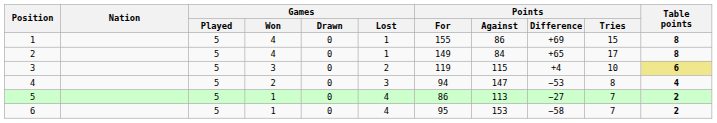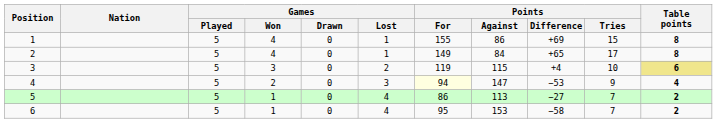 <table class="wikitable" style="text-align: center;">
 <tr>
 <th rowspan="2" style="width:8%;">Position</th>
 <th rowspan="2" style="width:18%;">Nation</th>
 <th colspan="4" style="width:32%;">Games</th>
 <th colspan="4" style="width:32%;">Points</th>
 <th rowspan="2" style="width:10%;">Table<br>points</th>
 </tr>
 <tr>
 <th style="width:8%;">Played</th>
 <th style="width:8%;">Won</th>
 <th style="width:8%;">Drawn</th>
 <th style="width:8%;">Lost</th>
 <th style="width:8%;">For</th>
 <th style="width:8%;">Against</th>
 <th style="width:8%;">Difference</th>
 <th style="width:8%;">Tries</th>
 </tr>
 <tr>
 <td>1</td>
 <td align=left></td>
 <td>5</td>
 <td>4</td>
 <td>0</td>
 <td>1</td>
 <td>155</td>
 <td>86</td>
 <td>+69</td>
 <td>15</td>
 <td><strong>8</strong></td>
 </tr>
 <tr>
 <td>2</td>
 <td align=left></td>
 <td>5</td>
 <td>4</td>
 <td>0</td>
 <td>1</td>
 <td>149</td>
 <td>84</td>
 <td>+65</td>
 <td>17</td>
 <td><strong>8</strong></td>
 </tr>
 <tr>
 <td>3</td>
 <td align=left></td>
 <td>5</td>
 <td>3</td>
 <td>0</td>
 <td>2</td>
 <td>119</td>
 <td>115</td>
 <td>+4</td>
 <td>10</td>
 <td style="background: khaki;"><strong>6</strong></td>
 </tr>
 <tr>
 <td>4</td>
 <td align=left></td>
 <td>5</td>
 <td>2</td>
 <td>0</td>
 <td>3</td>
-<td>94</td>
+<td style="background: lightyellow;">94</td>
 <td>147</td>
 <td>−53</td>
-<td>8</td>
+<td>9</td>
 <td><strong>4</strong></td>
 </tr>
 <tr style="background:#cfc;">
 <td>5</td>
 <td align=left><strong></strong></td>
 <td>5</td>
 <td>1</td>
 <td>0</td>
 <td>4</td>
 <td>86</td>
 <td>113</td>
 <td>−27</td>
 <td>7</td>
 <td><strong>2</strong></td>
 </tr>
 <tr>
 <td>6</td>
 <td align=left></td>
 <td>5</td>
 <td>1</td>
 <td>0</td>
 <td>4</td>
 <td>95</td>
 <td>153</td>
 <td>−58</td>
 <td>7</td>
 <td><strong>2</strong></td>
 </tr>
 </table>
